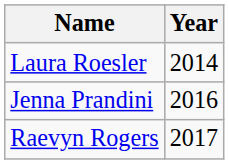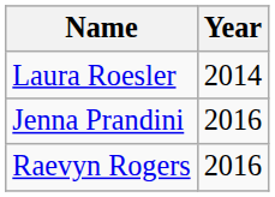 <table class="wikitable" style="display: inline-table;">
 <tr>
 <th>Name</th>
 <th>Year</th>
 </tr>
 <tr>
 <td><a href='#'>Laura Roesler</a></td>
 <td>2014</td>
 </tr>
 <tr>
 <td><a href='#'>Jenna Prandini</a></td>
 <td>2016</td>
 </tr>
 <tr>
 <td><a href='#'>Raevyn Rogers</a></td>
-<td>2017</td>
+<td>2016</td>
 </tr>
 </table>
